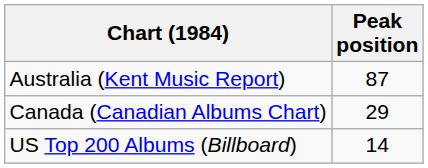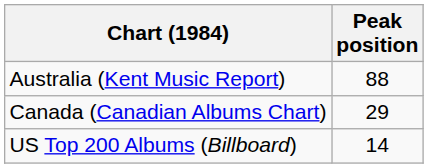 <table class="wikitable">
 <tr>
 <th scope="col">Chart (1984)</th>
 <th>Peak<br>position</th>
 </tr>
 <tr>
 <td>Australia (<a href='#'>Kent Music Report</a>)</td>
-<td style="text-align:center;">87</td>
+<td style="text-align:center;">88</td>
 </tr>
 <tr>
 <td>Canada (<a href='#'>Canadian Albums Chart</a>)</td>
 <td align="center">29</td>
 </tr>
 <tr>
 <td>US <a href='#'>Top 200 Albums</a> (<em>Billboard</em>)</td>
 <td style="text-align:center;">14</td>
 </tr>
 </table>
